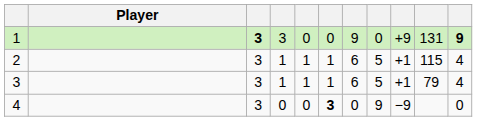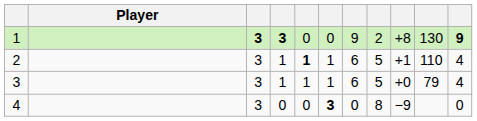 <table class="wikitable" style="text-align:center; margin: 1em auto 1em auto, align:left">
 <tr>
 <th width=20></th>
 <th width=240>Player</th>
 <th width=20></th>
 <th width=20></th>
 <th width=20></th>
 <th width=20></th>
 <th width=20></th>
 <th width=20></th>
 <th width=20></th>
 <th width=30></th>
 <th width=20></th>
 </tr>
 <tr style="background:#D0F0C0;">
 <td>1</td>
 <td align=left></td>
 <td><strong>3</strong></td>
-<td>3</td>
+<td><strong>3</strong></td>
 <td>0</td>
 <td>0</td>
 <td>9</td>
-<td>0</td>
-<td>+9</td>
-<td>131</td>
+<td>2</td>
+<td>+8</td>
+<td>130</td>
 <td><strong>9</strong></td>
 </tr>
 <tr style=>
 <td>2</td>
 <td align=left></td>
 <td>3</td>
 <td>1</td>
-<td>1</td>
+<td><strong>1</strong></td>
 <td>1</td>
 <td>6</td>
 <td>5</td>
 <td>+1</td>
-<td>115</td>
+<td>110</td>
 <td>4</td>
 </tr>
 <tr style=>
 <td>3</td>
 <td align=left></td>
 <td>3</td>
 <td>1</td>
 <td>1</td>
 <td>1</td>
 <td>6</td>
 <td>5</td>
-<td>+1</td>
+<td>+0</td>
 <td>79</td>
 <td>4</td>
 </tr>
 <tr style=>
 <td>4</td>
 <td align=left></td>
 <td>3</td>
 <td>0</td>
 <td>0</td>
 <td><strong>3</strong></td>
 <td>0</td>
-<td>9</td>
+<td>8</td>
 <td>−9</td>
 <td></td>
 <td>0</td>
 </tr>
 </table>
